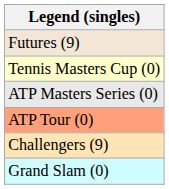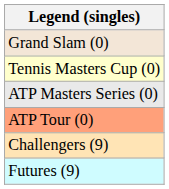 <table class=wikitable>
 <tr>
 <th>Legend (singles)</th>
 </tr>
 <tr bgcolor=f3e6d7>
-<td>Futures (9)</td>
+<td>Grand Slam (0)</td>
 </tr>
 <tr bgcolor=ffffcc>
 <td>Tennis Masters Cup (0)</td>
 </tr>
 <tr bgcolor=e9e9e9>
 <td>ATP Masters Series (0)</td>
 </tr>
 <tr>
 <td style="background: lightsalmon;">ATP Tour (0)</td>
 </tr>
 <tr bgcolor=moccasin>
 <td>Challengers (9)</td>
 </tr>
 <tr bgcolor=CFFCFF>
-<td>Grand Slam (0)</td>
+<td>Futures (9)</td>
 </tr>
 </table>
